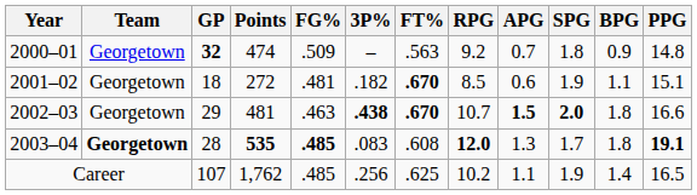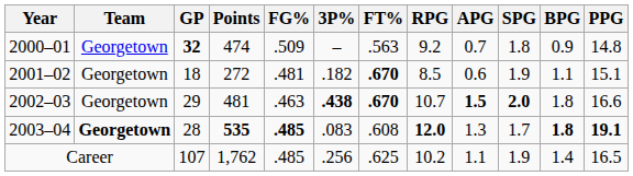 <table class="wikitable" style="text-align:center">
 <tr>
 <th>Year</th>
 <th>Team</th>
 <th>GP</th>
 <th>Points</th>
 <th>FG%</th>
 <th>3P%</th>
 <th>FT%</th>
 <th>RPG</th>
 <th>APG</th>
 <th>SPG</th>
 <th>BPG</th>
 <th>PPG</th>
 </tr>
 <tr>
 <td>2000–01</td>
 <td><a href='#'>Georgetown</a></td>
 <td><strong>32</strong></td>
 <td>474</td>
 <td>.509</td>
 <td>–</td>
 <td>.563</td>
 <td>9.2</td>
 <td>0.7</td>
 <td>1.8</td>
 <td>0.9</td>
 <td>14.8</td>
 </tr>
 <tr>
 <td>2001–02</td>
 <td>Georgetown</td>
 <td>18</td>
 <td>272</td>
 <td>.481</td>
 <td>.182</td>
 <td><strong>.670</strong></td>
 <td>8.5</td>
 <td>0.6</td>
 <td>1.9</td>
 <td>1.1</td>
 <td>15.1</td>
 </tr>
 <tr>
 <td>2002–03</td>
 <td>Georgetown</td>
 <td>29</td>
 <td>481</td>
 <td>.463</td>
 <td><strong>.438</strong></td>
 <td><strong>.670</strong></td>
 <td>10.7</td>
 <td><strong>1.5</strong></td>
 <td><strong>2.0</strong></td>
 <td>1.8</td>
 <td>16.6</td>
 </tr>
 <tr>
 <td>2003–04</td>
 <td><strong>Georgetown</strong></td>
 <td>28</td>
 <td><strong>535</strong></td>
 <td><strong>.485</strong></td>
 <td>.083</td>
 <td>.608</td>
 <td><strong>12.0</strong></td>
 <td>1.3</td>
 <td>1.7</td>
-<td>1.8</td>
+<td><strong>1.8</strong></td>
 <td><strong>19.1</strong></td>
 </tr>
 <tr>
 <td colspan=2>Career</td>
 <td>107</td>
 <td>1,762</td>
 <td>.485</td>
 <td>.256</td>
 <td>.625</td>
 <td>10.2</td>
 <td>1.1</td>
 <td>1.9</td>
 <td>1.4</td>
 <td>16.5</td>
 </tr>
 </table>
